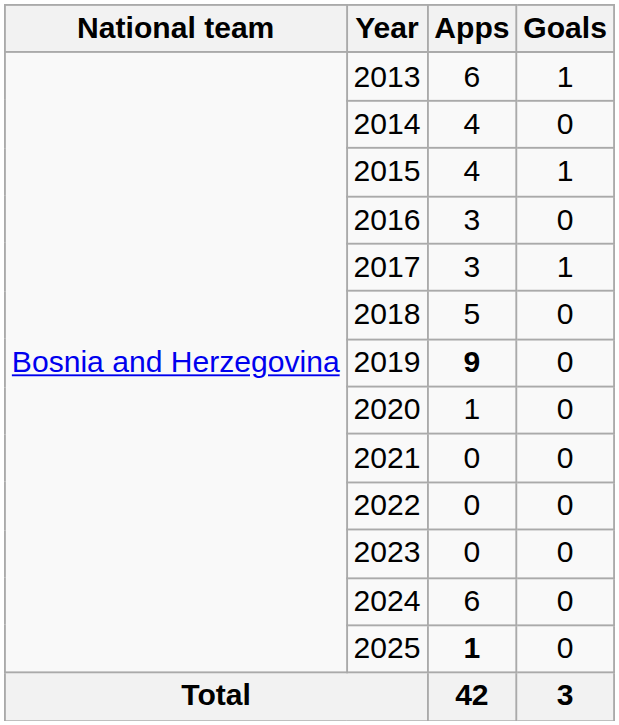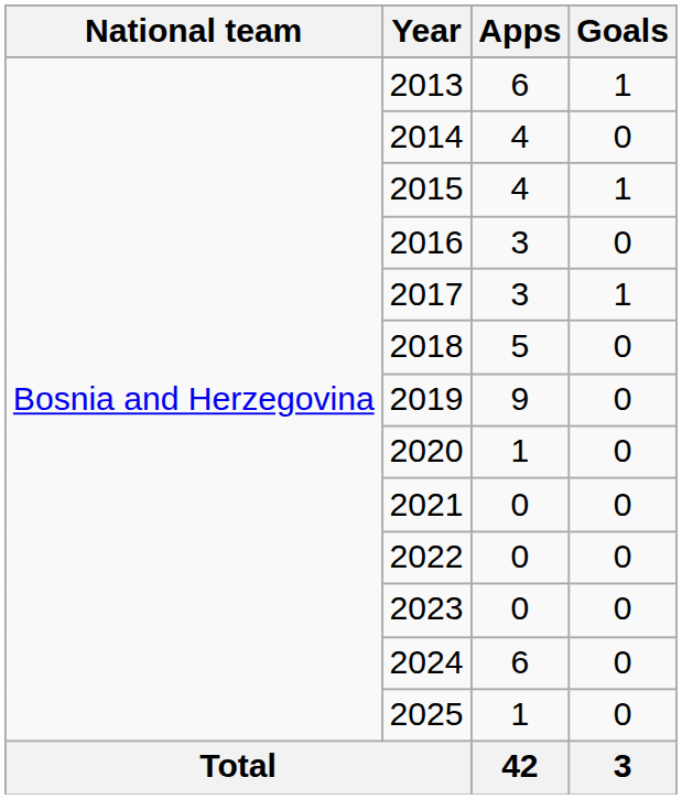 <table class="wikitable" style="text-align:center">
 <tr>
 <th>National team</th>
 <th>Year</th>
 <th>Apps</th>
 <th>Goals</th>
 </tr>
 <tr>
 <td rowspan=14><a href='#'>Bosnia and Herzegovina</a></td>
 </tr>
 <tr>
 <td>2013</td>
 <td>6</td>
 <td>1</td>
 </tr>
 <tr>
 <td>2014</td>
 <td>4</td>
 <td>0</td>
 </tr>
 <tr>
 <td>2015</td>
 <td>4</td>
 <td>1</td>
 </tr>
 <tr>
 <td>2016</td>
 <td>3</td>
 <td>0</td>
 </tr>
 <tr>
 <td>2017</td>
 <td>3</td>
 <td>1</td>
 </tr>
 <tr>
 <td>2018</td>
 <td>5</td>
 <td>0</td>
 </tr>
 <tr>
 <td>2019</td>
-<td><strong>9</strong></td>
+<td>9</td>
 <td>0</td>
 </tr>
 <tr>
 <td>2020</td>
 <td>1</td>
 <td>0</td>
 </tr>
 <tr>
 <td>2021</td>
 <td>0</td>
 <td>0</td>
 </tr>
 <tr>
 <td>2022</td>
 <td>0</td>
 <td>0</td>
 </tr>
 <tr>
 <td>2023</td>
 <td>0</td>
 <td>0</td>
 </tr>
 <tr>
 <td>2024</td>
 <td>6</td>
 <td>0</td>
 </tr>
 <tr>
 <td>2025</td>
-<td><strong>1</strong></td>
+<td>1</td>
 <td>0</td>
 </tr>
 <tr>
 <th colspan=2>Total</th>
 <th>42</th>
 <th>3</th>
 </tr>
 </table>
